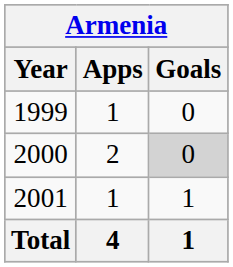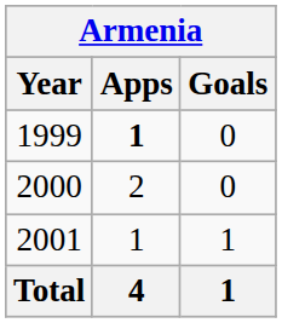 <table class="wikitable" style="text-align:center">
 <tr>
 <th colspan=3><a href='#'>Armenia</a></th>
 </tr>
 <tr>
 <th>Year</th>
 <th>Apps</th>
 <th>Goals</th>
 </tr>
 <tr>
 <td>1999</td>
-<td>1</td>
+<td><strong>1</strong></td>
 <td>0</td>
 </tr>
 <tr>
 <td>2000</td>
 <td>2</td>
-<td style="background: lightgrey;">0</td>
+<td>0</td>
 </tr>
 <tr>
 <td>2001</td>
 <td>1</td>
 <td>1</td>
 </tr>
 <tr>
 <th>Total</th>
 <th>4</th>
 <th>1</th>
 </tr>
 </table>
